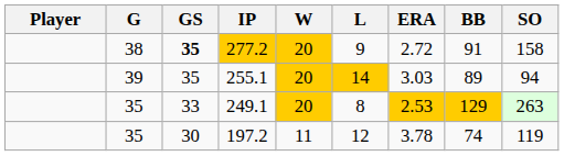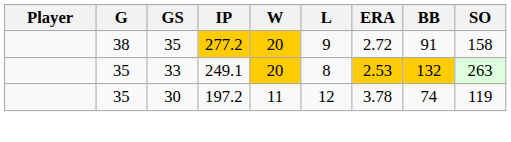 <table class="wikitable sortable">
 <tr>
 <th bgcolor="#DDDDFF" width="16%">Player</th>
 <th bgcolor="#DDDDFF" width="9%">G</th>
 <th bgcolor="#DDDDFF" width="9%">GS</th>
 <th bgcolor="#DDDDFF" width="9%">IP</th>
 <th bgcolor="#DDDDFF" width="9%">W</th>
 <th bgcolor="#DDDDFF" width="9%">L</th>
 <th bgcolor="#DDDDFF" width="9%">ERA</th>
 <th bgcolor="#DDDDFF" width="9%">BB</th>
 <th bgcolor="#DDDDFF" width="9%">SO</th>
 </tr>
 <tr align="center">
 <td></td>
 <td>38</td>
-<td><strong>35</strong></td>
+<td>35</td>
 <td style="background:#fc0;">277.2</td>
 <td style="background:#fc0;">20</td>
 <td>9</td>
 <td>2.72</td>
 <td>91</td>
 <td>158</td>
 </tr>
 <tr align="center">
 <td></td>
-<td>39</td>
-<td>35</td>
-<td>255.1</td>
-<td style="background:#fc0;">20</td>
-<td style="background:#fc0;">14</td>
-<td>3.03</td>
-<td>89</td>
-<td>94</td>
-</tr>
-<tr align="center">
-<td></td>
 <td>35</td>
 <td>33</td>
 <td>249.1</td>
 <td style="background:#fc0;">20</td>
 <td>8</td>
 <td style="background:#fc0;">2.53</td>
-<td style="background:#fc0;">129</td>
+<td style="background:#fc0;">132</td>
 <td style="background:#DDFFDD;">263</td>
 </tr>
 <tr align="center">
 <td></td>
 <td>35</td>
 <td>30</td>
 <td>197.2</td>
 <td>11</td>
 <td>12</td>
 <td>3.78</td>
 <td>74</td>
 <td>119</td>
 </tr>
 </table>
